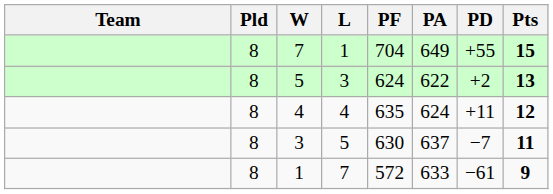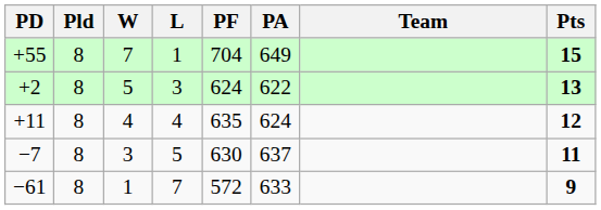 <table class=wikitable style="text-align:center">
 <tr>
-<th width=180>Team</th>
+<th width=30>PD</th>
 <th width=30>Pld</th>
 <th width=30>W</th>
 <th width=30>L</th>
 <th width=30>PF</th>
 <th width=30>PA</th>
-<th width=30>PD</th>
+<th width=180>Team</th>
 <th width=30>Pts</th>
 </tr>
 <tr align=center bgcolor="#ccffcc">
-<td align=left></td>
+<td>+55</td>
 <td>8</td>
 <td>7</td>
 <td>1</td>
 <td>704</td>
 <td>649</td>
-<td>+55</td>
+<td align=left></td>
 <td><strong>15</strong></td>
 </tr>
 <tr align=center bgcolor="#ccffcc">
-<td align=left></td>
+<td>+2</td>
 <td>8</td>
 <td>5</td>
 <td>3</td>
 <td>624</td>
 <td>622</td>
-<td>+2</td>
+<td align=left></td>
 <td><strong>13</strong></td>
 </tr>
 <tr align=center>
-<td align=left></td>
+<td>+11</td>
 <td>8</td>
 <td>4</td>
 <td>4</td>
 <td>635</td>
 <td>624</td>
-<td>+11</td>
+<td align=left></td>
 <td><strong>12</strong></td>
 </tr>
 <tr align=center>
-<td align=left></td>
+<td>−7</td>
 <td>8</td>
 <td>3</td>
 <td>5</td>
 <td>630</td>
 <td>637</td>
-<td>−7</td>
+<td align=left></td>
 <td><strong>11</strong></td>
 </tr>
 <tr align=center>
-<td align=left></td>
+<td>−61</td>
 <td>8</td>
 <td>1</td>
 <td>7</td>
 <td>572</td>
 <td>633</td>
-<td>−61</td>
+<td align=left></td>
 <td><strong>9</strong></td>
 </tr>
 </table>
